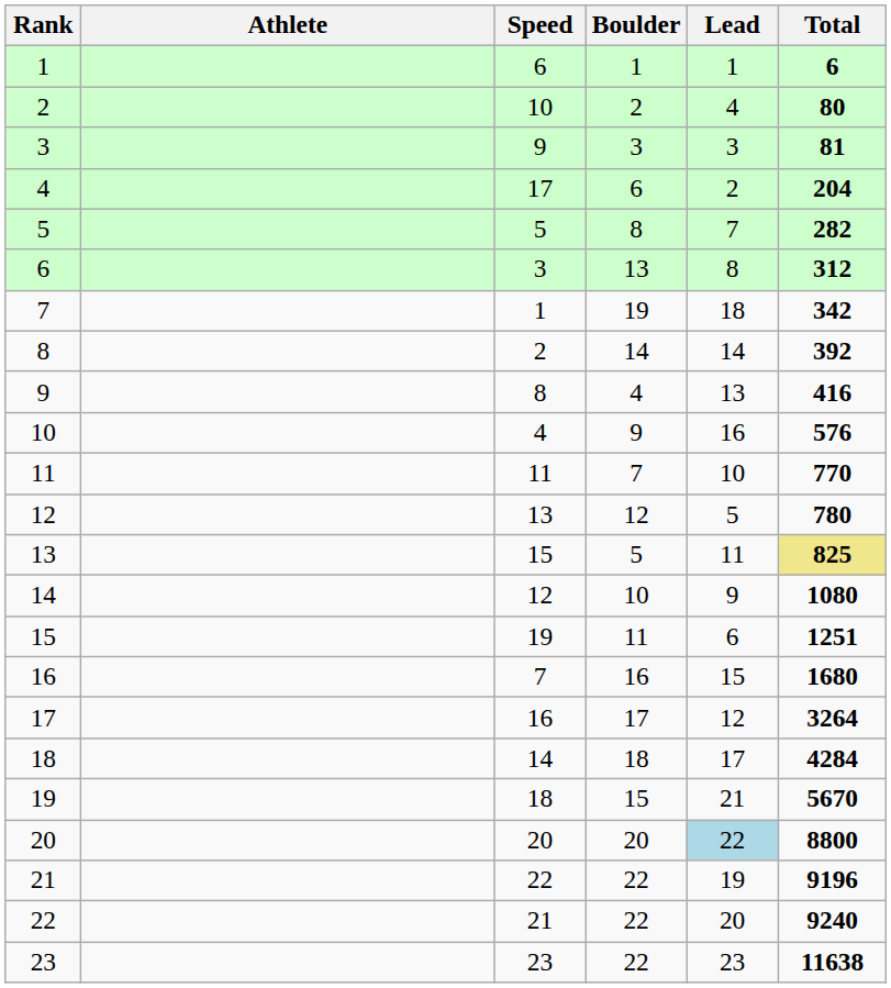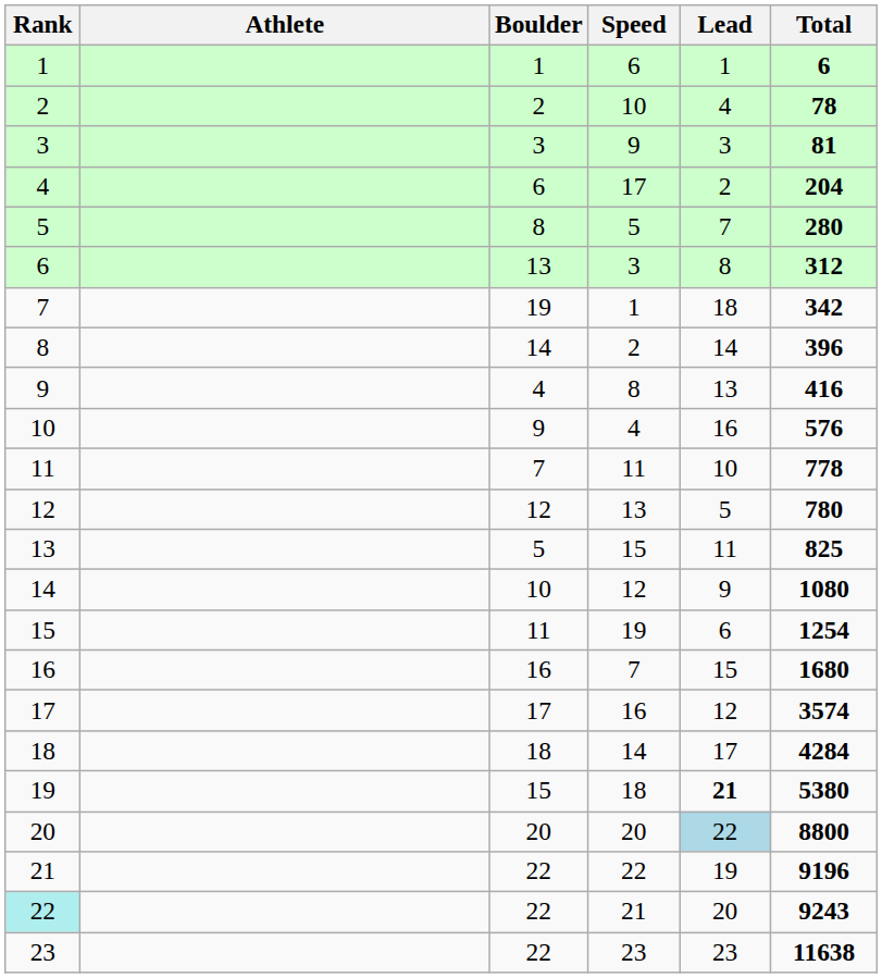 <table class="wikitable" style="text-align:center">
 <tr>
 <th width=40>Rank</th>
 <th width=250>Athlete</th>
+<th width=50>Boulder</th>
 <th width=50>Speed</th>
-<th width=50>Boulder</th>
 <th width=50>Lead</th>
 <th width=60>Total</th>
 </tr>
 <tr bgcolor="ccffcc">
 <td>1</td>
 <td align=left></td>
+<td>1</td>
 <td>6</td>
-<td>1</td>
 <td>1</td>
 <td><strong>6</strong></td>
 </tr>
 <tr bgcolor="ccffcc">
 <td>2</td>
 <td align=left></td>
+<td>2</td>
 <td>10</td>
-<td>2</td>
 <td>4</td>
-<td><strong>80</strong></td>
+<td><strong>78</strong></td>
 </tr>
 <tr bgcolor="ccffcc">
 <td>3</td>
 <td align=left></td>
+<td>3</td>
 <td>9</td>
-<td>3</td>
 <td>3</td>
 <td><strong>81</strong></td>
 </tr>
 <tr bgcolor="ccffcc">
 <td>4</td>
 <td align=left></td>
+<td>6</td>
 <td>17</td>
-<td>6</td>
 <td>2</td>
 <td><strong>204</strong></td>
 </tr>
 <tr bgcolor="ccffcc">
 <td>5</td>
 <td align=left></td>
+<td>8</td>
 <td>5</td>
-<td>8</td>
 <td>7</td>
-<td><strong>282</strong></td>
+<td><strong>280</strong></td>
 </tr>
 <tr bgcolor="ccffcc">
 <td>6</td>
 <td align=left></td>
+<td>13</td>
 <td>3</td>
-<td>13</td>
 <td>8</td>
 <td><strong>312</strong></td>
 </tr>
 <tr>
 <td>7</td>
 <td align=left></td>
+<td>19</td>
 <td>1</td>
-<td>19</td>
 <td>18</td>
 <td><strong>342</strong></td>
 </tr>
 <tr>
 <td>8</td>
 <td align=left></td>
+<td>14</td>
 <td>2</td>
 <td>14</td>
-<td>14</td>
-<td><strong>392</strong></td>
+<td><strong>396</strong></td>
 </tr>
 <tr>
 <td>9</td>
 <td align=left></td>
+<td>4</td>
 <td>8</td>
-<td>4</td>
 <td>13</td>
 <td><strong>416</strong></td>
 </tr>
 <tr>
 <td>10</td>
 <td align=left></td>
+<td>9</td>
 <td>4</td>
-<td>9</td>
 <td>16</td>
 <td><strong>576</strong></td>
 </tr>
 <tr>
 <td>11</td>
 <td align=left></td>
+<td>7</td>
 <td>11</td>
-<td>7</td>
 <td>10</td>
-<td><strong>770</strong></td>
+<td><strong>778</strong></td>
 </tr>
 <tr>
 <td>12</td>
 <td align=left></td>
+<td>12</td>
 <td>13</td>
-<td>12</td>
 <td>5</td>
 <td><strong>780</strong></td>
 </tr>
 <tr>
 <td>13</td>
 <td align=left></td>
+<td>5</td>
 <td>15</td>
-<td>5</td>
 <td>11</td>
-<td style="background: khaki;"><strong>825</strong></td>
+<td><strong>825</strong></td>
 </tr>
 <tr>
 <td>14</td>
 <td align=left></td>
+<td>10</td>
 <td>12</td>
-<td>10</td>
 <td>9</td>
 <td><strong>1080</strong></td>
 </tr>
 <tr>
 <td>15</td>
 <td align=left></td>
+<td>11</td>
 <td>19</td>
-<td>11</td>
 <td>6</td>
-<td><strong>1251</strong></td>
+<td><strong>1254</strong></td>
 </tr>
 <tr>
 <td>16</td>
 <td align=left></td>
+<td>16</td>
 <td>7</td>
-<td>16</td>
 <td>15</td>
 <td><strong>1680</strong></td>
 </tr>
 <tr>
 <td>17</td>
 <td align=left></td>
+<td>17</td>
 <td>16</td>
-<td>17</td>
 <td>12</td>
-<td><strong>3264</strong></td>
+<td><strong>3574</strong></td>
 </tr>
 <tr>
 <td>18</td>
 <td align=left></td>
+<td>18</td>
 <td>14</td>
-<td>18</td>
 <td>17</td>
 <td><strong>4284</strong></td>
 </tr>
 <tr>
 <td>19</td>
 <td align=left></td>
+<td>15</td>
 <td>18</td>
-<td>15</td>
-<td>21</td>
-<td><strong>5670</strong></td>
+<td><strong>21</strong></td>
+<td><strong>5380</strong></td>
 </tr>
 <tr>
 <td>20</td>
 <td align=left></td>
 <td>20</td>
 <td>20</td>
 <td style="background: lightblue;">22</td>
 <td><strong>8800</strong></td>
 </tr>
 <tr>
 <td>21</td>
 <td align=left></td>
 <td>22</td>
 <td>22</td>
 <td>19</td>
 <td><strong>9196</strong></td>
 </tr>
 <tr>
+<td style="background: paleturquoise;">22</td>
+<td align=left></td>
 <td>22</td>
-<td align=left></td>
 <td>21</td>
-<td>22</td>
 <td>20</td>
-<td><strong>9240</strong></td>
+<td><strong>9243</strong></td>
 </tr>
 <tr>
 <td>23</td>
 <td align=left></td>
+<td>22</td>
 <td>23</td>
-<td>22</td>
 <td>23</td>
 <td><strong>11638</strong></td>
 </tr>
 </table>
